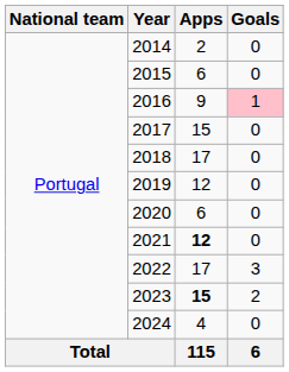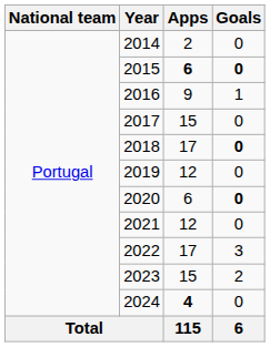 <table class="wikitable" style="text-align:center">
 <tr>
 <th>National team</th>
 <th>Year</th>
 <th>Apps</th>
 <th>Goals</th>
 </tr>
 <tr>
 <td rowspan="11"><a href='#'>Portugal</a></td>
 <td>2014</td>
 <td>2</td>
 <td>0</td>
 </tr>
 <tr>
 <td>2015</td>
-<td>6</td>
-<td>0</td>
+<td><strong>6</strong></td>
+<td><strong>0</strong></td>
 </tr>
 <tr>
 <td>2016</td>
 <td>9</td>
-<td style="background: pink;">1</td>
+<td>1</td>
 </tr>
 <tr>
 <td>2017</td>
 <td>15</td>
 <td>0</td>
 </tr>
 <tr>
 <td>2018</td>
 <td>17</td>
-<td>0</td>
+<td><strong>0</strong></td>
 </tr>
 <tr>
 <td>2019</td>
 <td>12</td>
 <td>0</td>
 </tr>
 <tr>
 <td>2020</td>
 <td>6</td>
-<td>0</td>
+<td><strong>0</strong></td>
 </tr>
 <tr>
 <td>2021</td>
-<td><strong>12</strong></td>
+<td>12</td>
 <td>0</td>
 </tr>
 <tr>
 <td>2022</td>
 <td>17</td>
 <td>3</td>
 </tr>
 <tr>
 <td>2023</td>
-<td><strong>15</strong></td>
+<td>15</td>
 <td>2</td>
 </tr>
 <tr>
 <td>2024</td>
-<td>4</td>
+<td><strong>4</strong></td>
 <td>0</td>
 </tr>
 <tr>
 <th colspan="2">Total</th>
 <th>115</th>
 <th>6</th>
 </tr>
 </table>
